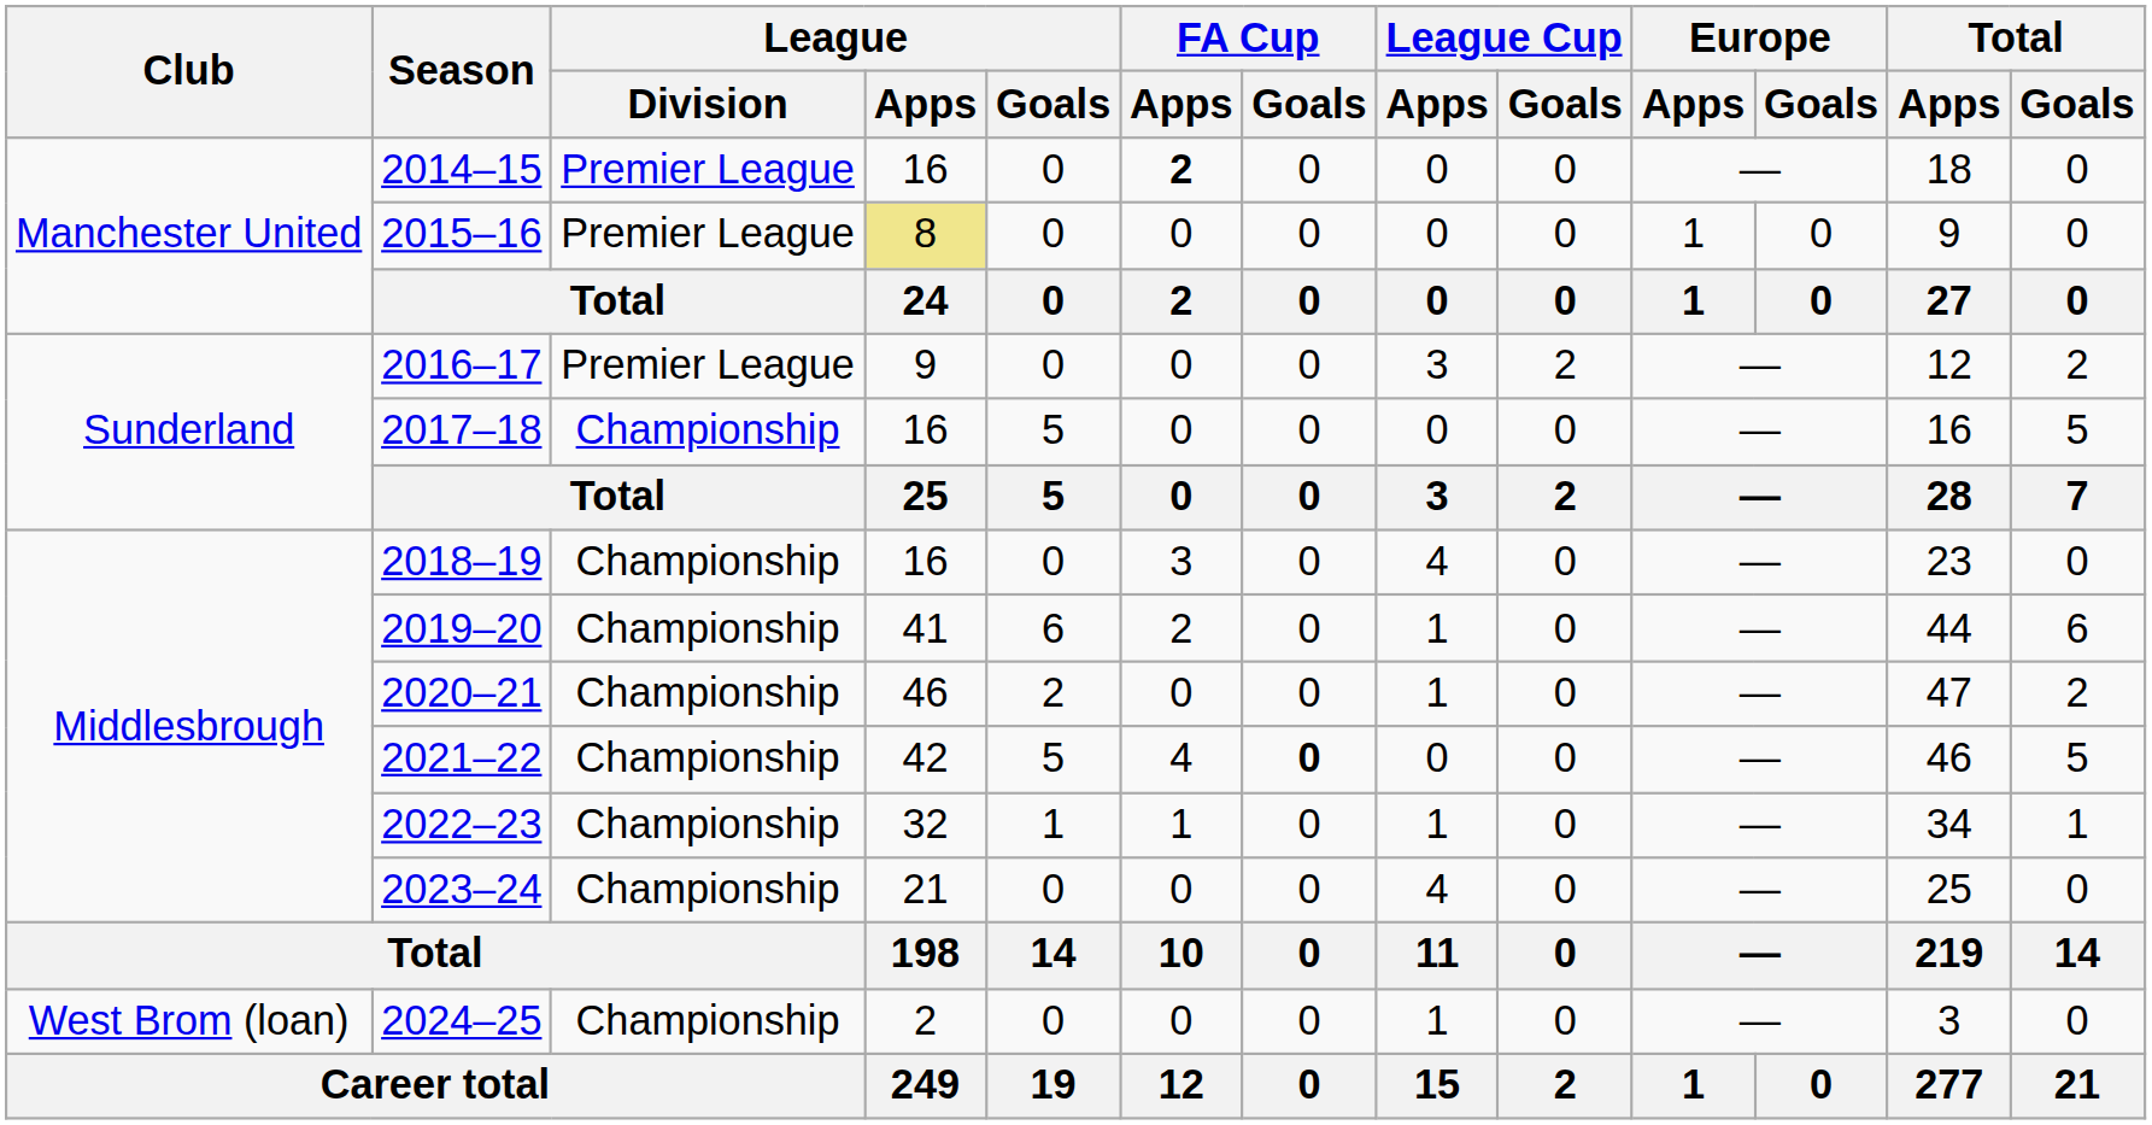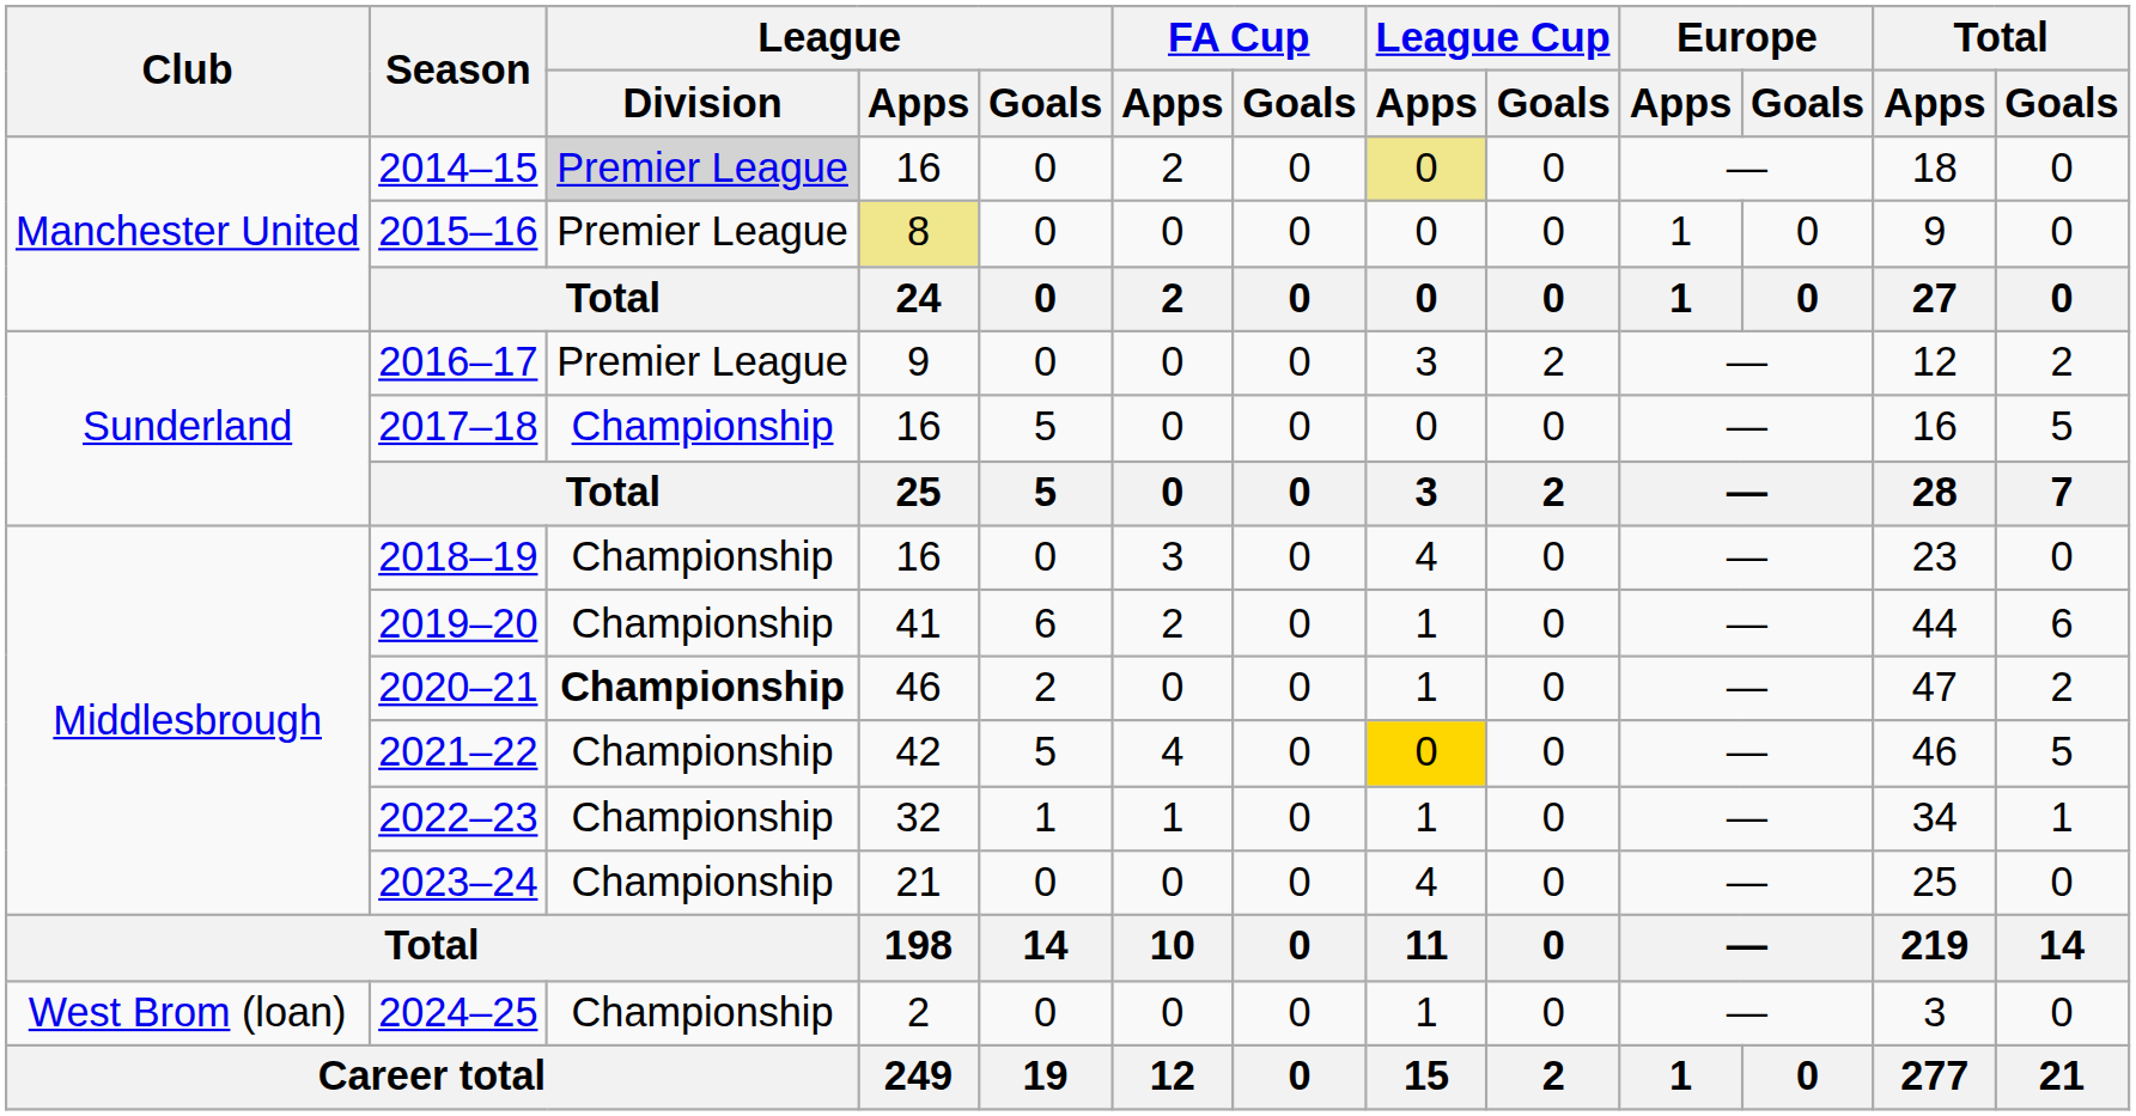 <table class=wikitable style="text-align: center">
 <tr>
 <th rowspan="2">Club</th>
 <th rowspan="2">Season</th>
 <th colspan="3">League</th>
 <th colspan="2"><a href='#'>FA Cup</a></th>
 <th colspan="2"><a href='#'>League Cup</a></th>
 <th colspan="2">Europe</th>
 <th colspan="2">Total</th>
 </tr>
 <tr>
 <th>Division</th>
 <th>Apps</th>
 <th>Goals</th>
 <th>Apps</th>
 <th>Goals</th>
 <th>Apps</th>
 <th>Goals</th>
 <th>Apps</th>
 <th>Goals</th>
 <th>Apps</th>
 <th>Goals</th>
 </tr>
 <tr>
 <td rowspan="3"><a href='#'>Manchester United</a></td>
 <td><a href='#'>2014–15</a></td>
-<td><a href='#'>Premier League</a></td>
+<td style="background: lightgrey;"><a href='#'>Premier League</a></td>
 <td>16</td>
 <td>0</td>
-<td><strong>2</strong></td>
+<td>2</td>
 <td>0</td>
-<td>0</td>
+<td style="background: khaki;">0</td>
 <td>0</td>
 <td colspan="2">—</td>
 <td>18</td>
 <td>0</td>
 </tr>
 <tr>
 <td><a href='#'>2015–16</a></td>
 <td>Premier League</td>
 <td style="background: khaki;">8</td>
 <td>0</td>
 <td>0</td>
 <td>0</td>
 <td>0</td>
 <td>0</td>
 <td>1</td>
 <td>0</td>
 <td>9</td>
 <td>0</td>
 </tr>
 <tr>
 <th colspan="2">Total</th>
 <th>24</th>
 <th>0</th>
 <th>2</th>
 <th>0</th>
 <th>0</th>
 <th>0</th>
 <th>1</th>
 <th>0</th>
 <th>27</th>
 <th>0</th>
 </tr>
 <tr>
 <td rowspan="3"><a href='#'>Sunderland</a></td>
 <td><a href='#'>2016–17</a></td>
 <td>Premier League</td>
 <td>9</td>
 <td>0</td>
 <td>0</td>
 <td>0</td>
 <td>3</td>
 <td>2</td>
 <td colspan="2">—</td>
 <td>12</td>
 <td>2</td>
 </tr>
 <tr>
 <td><a href='#'>2017–18</a></td>
 <td><a href='#'>Championship</a></td>
 <td>16</td>
 <td>5</td>
 <td>0</td>
 <td>0</td>
 <td>0</td>
 <td>0</td>
 <td colspan="2">—</td>
 <td>16</td>
 <td>5</td>
 </tr>
 <tr>
 <th colspan="2">Total</th>
 <th>25</th>
 <th>5</th>
 <th>0</th>
 <th>0</th>
 <th>3</th>
 <th>2</th>
 <th colspan="2">—</th>
 <th>28</th>
 <th>7</th>
 </tr>
 <tr>
 <td rowspan="6"><a href='#'>Middlesbrough</a></td>
 <td><a href='#'>2018–19</a></td>
 <td>Championship</td>
 <td>16</td>
 <td>0</td>
 <td>3</td>
 <td>0</td>
 <td>4</td>
 <td>0</td>
 <td colspan="2">—</td>
 <td>23</td>
 <td>0</td>
 </tr>
 <tr>
 <td><a href='#'>2019–20</a></td>
 <td>Championship</td>
 <td>41</td>
 <td>6</td>
 <td>2</td>
 <td>0</td>
 <td>1</td>
 <td>0</td>
 <td colspan="2">—</td>
 <td>44</td>
 <td>6</td>
 </tr>
 <tr>
 <td><a href='#'>2020–21</a></td>
-<td>Championship</td>
+<td><strong>Championship</strong></td>
 <td>46</td>
 <td>2</td>
 <td>0</td>
 <td>0</td>
 <td>1</td>
 <td>0</td>
 <td colspan="2">—</td>
 <td>47</td>
 <td>2</td>
 </tr>
 <tr>
 <td><a href='#'>2021–22</a></td>
 <td>Championship</td>
 <td>42</td>
 <td>5</td>
 <td>4</td>
-<td><strong>0</strong></td>
 <td>0</td>
+<td style="background: gold;">0</td>
 <td>0</td>
 <td colspan="2">—</td>
 <td>46</td>
 <td>5</td>
 </tr>
 <tr>
 <td><a href='#'>2022–23</a></td>
 <td>Championship</td>
 <td>32</td>
 <td>1</td>
 <td>1</td>
 <td>0</td>
 <td>1</td>
 <td>0</td>
 <td colspan="2">—</td>
 <td>34</td>
 <td>1</td>
 </tr>
 <tr>
 <td><a href='#'>2023–24</a></td>
 <td>Championship</td>
 <td>21</td>
 <td>0</td>
 <td>0</td>
 <td>0</td>
 <td>4</td>
 <td>0</td>
 <td colspan="2">—</td>
 <td>25</td>
 <td>0</td>
 </tr>
 <tr>
 <th colspan="3">Total</th>
 <th>198</th>
 <th>14</th>
 <th>10</th>
 <th>0</th>
 <th>11</th>
 <th>0</th>
 <th colspan="2">—</th>
 <th>219</th>
 <th>14</th>
 </tr>
 <tr>
 <td rowspan="1"><a href='#'>West Brom</a> (loan)</td>
 <td><a href='#'>2024–25</a></td>
 <td>Championship</td>
 <td>2</td>
 <td>0</td>
 <td>0</td>
 <td>0</td>
 <td>1</td>
 <td>0</td>
 <td colspan="2">—</td>
 <td>3</td>
 <td>0</td>
 </tr>
 <tr>
 <th colspan="3">Career total</th>
 <th>249</th>
 <th>19</th>
 <th>12</th>
 <th>0</th>
 <th>15</th>
 <th>2</th>
 <th>1</th>
 <th>0</th>
 <th>277</th>
 <th>21</th>
 </tr>
 </table>
